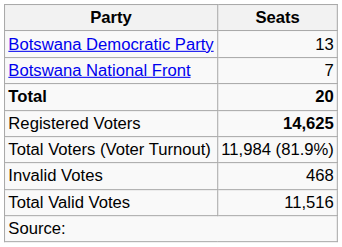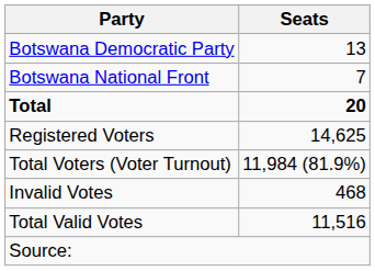 <table class=wikitable style=text-align:right>
 <tr>
 <th>Party</th>
 <th>Seats</th>
 </tr>
 <tr>
 <td align=left><a href='#'>Botswana Democratic Party</a></td>
 <td>13</td>
 </tr>
 <tr>
 <td align=left><a href='#'>Botswana National Front</a></td>
 <td>7</td>
 </tr>
 <tr>
 <td align=left><strong>Total</strong></td>
 <td><strong>20</strong></td>
 </tr>
 <tr>
 <td align=left>Registered Voters</td>
-<td><strong>14,625</strong></td>
+<td>14,625</td>
 </tr>
 <tr>
 <td align=left>Total Voters (Voter Turnout)</td>
 <td>11,984 (81.9%)</td>
 </tr>
 <tr>
 <td align=left>Invalid Votes</td>
 <td>468</td>
 </tr>
 <tr>
 <td align=left>Total Valid Votes</td>
 <td>11,516</td>
 </tr>
 <tr>
 <td colspan=4 align=left>Source: </td>
 </tr>
 </table>
